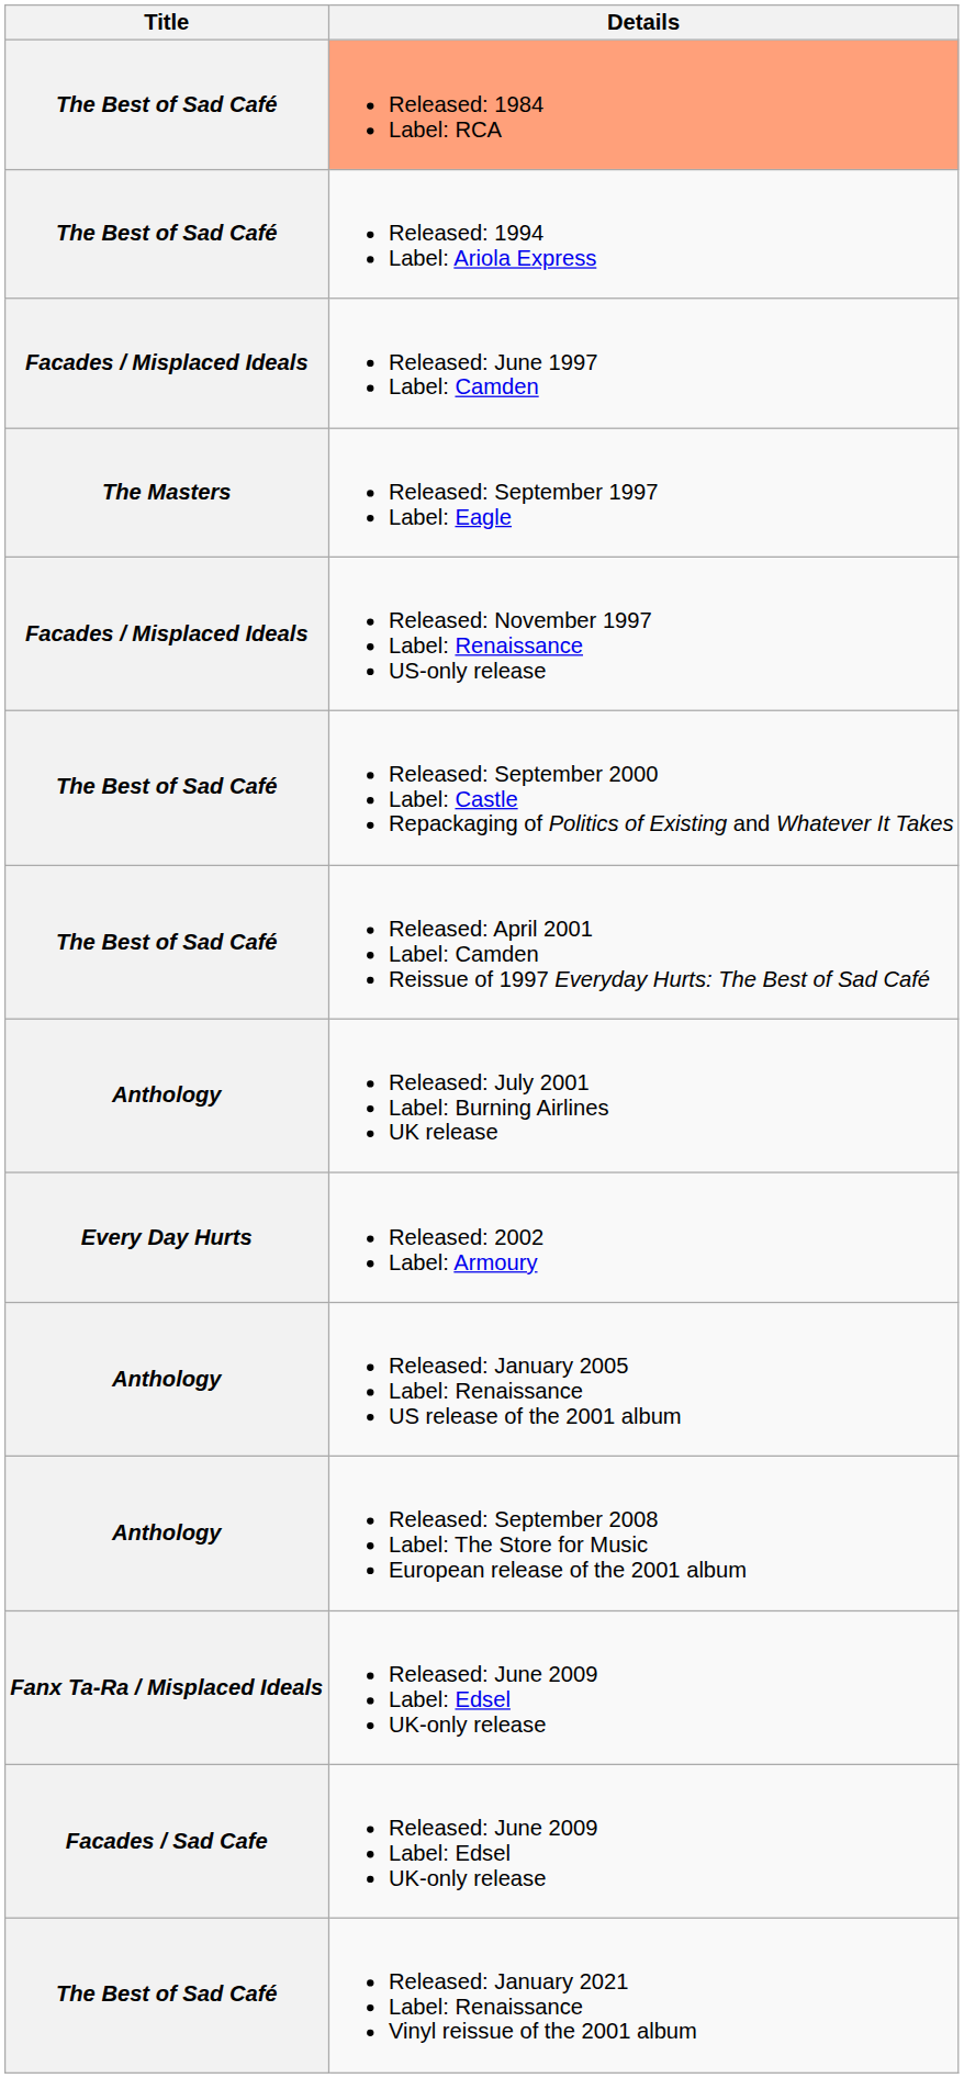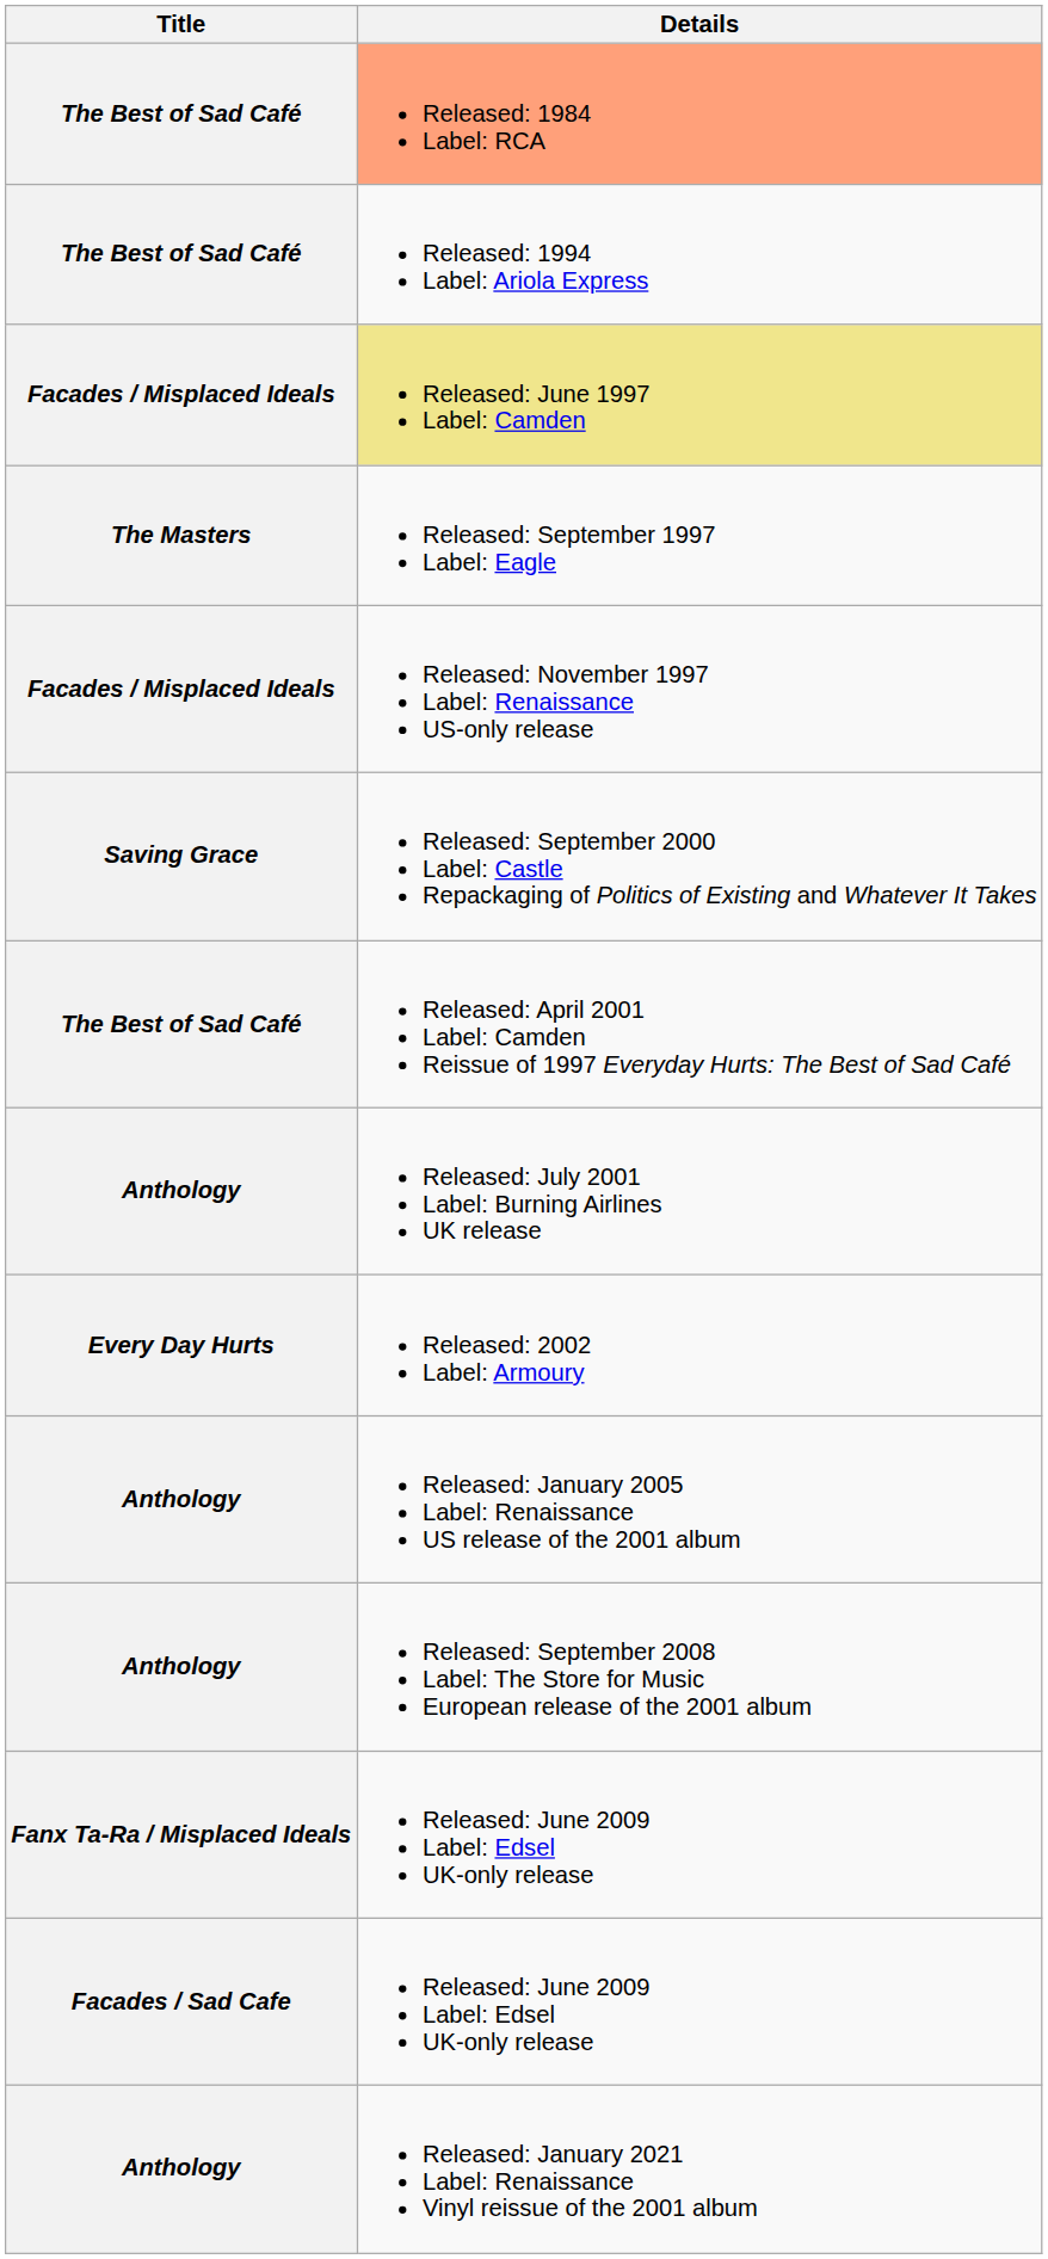 <table class="wikitable plainrowheaders">
 <tr>
 <th scope="col">Title</th>
 <th scope="col">Details</th>
 </tr>
 <tr>
 <th scope="row"><em>The Best of Sad Café</em></th>
 <td style="background: lightsalmon;"><br><ul><li>Released: 1984</li><li>Label: RCA</li></ul></td>
 </tr>
 <tr>
 <th scope="row"><em>The Best of Sad Café</em></th>
 <td><br><ul><li>Released: 1994</li><li>Label: <a href='#'>Ariola Express</a></li></ul></td>
 </tr>
 <tr>
 <th scope="row"><em>Facades / Misplaced Ideals</em></th>
-<td><br><ul><li>Released: June 1997</li><li>Label: <a href='#'>Camden</a></li></ul></td>
+<td style="background: khaki;"><br><ul><li>Released: June 1997</li><li>Label: <a href='#'>Camden</a></li></ul></td>
 </tr>
 <tr>
 <th scope="row"><em>The Masters</em></th>
 <td><br><ul><li>Released: September 1997</li><li>Label: <a href='#'>Eagle</a></li></ul></td>
 </tr>
 <tr>
 <th scope="row"><em>Facades / Misplaced Ideals</em></th>
 <td><br><ul><li>Released: November 1997</li><li>Label: <a href='#'>Renaissance</a></li><li>US-only release</li></ul></td>
 </tr>
 <tr>
-<th scope="row"><em>The Best of Sad Café</em></th>
+<th scope="row"><em>Saving Grace</em></th>
 <td><br><ul><li>Released: September 2000</li><li>Label: <a href='#'>Castle</a></li><li>Repackaging of <em>Politics of Existing</em> and <em>Whatever It Takes</em></li></ul></td>
 </tr>
 <tr>
 <th scope="row"><em>The Best of Sad Café</em></th>
 <td><br><ul><li>Released: April 2001</li><li>Label: Camden</li><li>Reissue of 1997 <em>Everyday Hurts: The Best of Sad Café</em></li></ul></td>
 </tr>
 <tr>
 <th scope="row"><em>Anthology</em></th>
 <td><br><ul><li>Released: July 2001</li><li>Label: Burning Airlines</li><li>UK release</li></ul></td>
 </tr>
 <tr>
 <th scope="row"><em>Every Day Hurts</em></th>
 <td><br><ul><li>Released: 2002</li><li>Label: <a href='#'>Armoury</a></li></ul></td>
 </tr>
 <tr>
 <th scope="row"><em>Anthology</em></th>
 <td><br><ul><li>Released: January 2005</li><li>Label: Renaissance</li><li>US release of the 2001 album</li></ul></td>
 </tr>
 <tr>
 <th scope="row"><em>Anthology</em></th>
 <td><br><ul><li>Released: September 2008</li><li>Label: The Store for Music</li><li>European release of the 2001 album</li></ul></td>
 </tr>
 <tr>
 <th scope="row"><em>Fanx Ta-Ra / Misplaced Ideals</em></th>
 <td><br><ul><li>Released: June 2009</li><li>Label: <a href='#'>Edsel</a></li><li>UK-only release</li></ul></td>
 </tr>
 <tr>
 <th scope="row"><em>Facades / Sad Cafe</em></th>
 <td><br><ul><li>Released: June 2009</li><li>Label: Edsel</li><li>UK-only release</li></ul></td>
 </tr>
 <tr>
-<th scope="row"><em>The Best of Sad Café</em></th>
+<th scope="row"><em>Anthology</em></th>
 <td><br><ul><li>Released: January 2021</li><li>Label: Renaissance</li><li>Vinyl reissue of the 2001 album</li></ul></td>
 </tr>
 </table>
